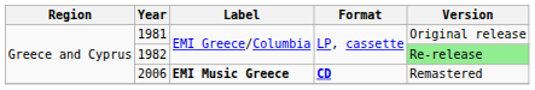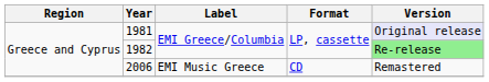 <table class="sortable wikitable">
 <tr>
 <th>Region</th>
 <th>Year</th>
 <th>Label</th>
 <th>Format</th>
 <th>Version</th>
 </tr>
 <tr>
 <td rowspan="3">Greece and Cyprus</td>
 <td>1981</td>
 <td rowspan="2"><a href='#'>EMI Greece</a>/<a href='#'>Columbia</a></td>
 <td rowspan="2"><a href='#'>LP</a>, <a href='#'>cassette</a></td>
-<td>Original release</td>
+<td style="background: lavender;">Original release</td>
 </tr>
 <tr>
 <td>1982</td>
 <td style="background: lightgreen;">Re-release</td>
 </tr>
 <tr>
 <td>2006</td>
-<td><strong>EMI Music Greece</strong></td>
-<td><strong><a href='#'>CD</a></strong></td>
+<td>EMI Music Greece</td>
+<td><a href='#'>CD</a></td>
 <td>Remastered</td>
 </tr>
 <tr>
 </tr>
 </table>
